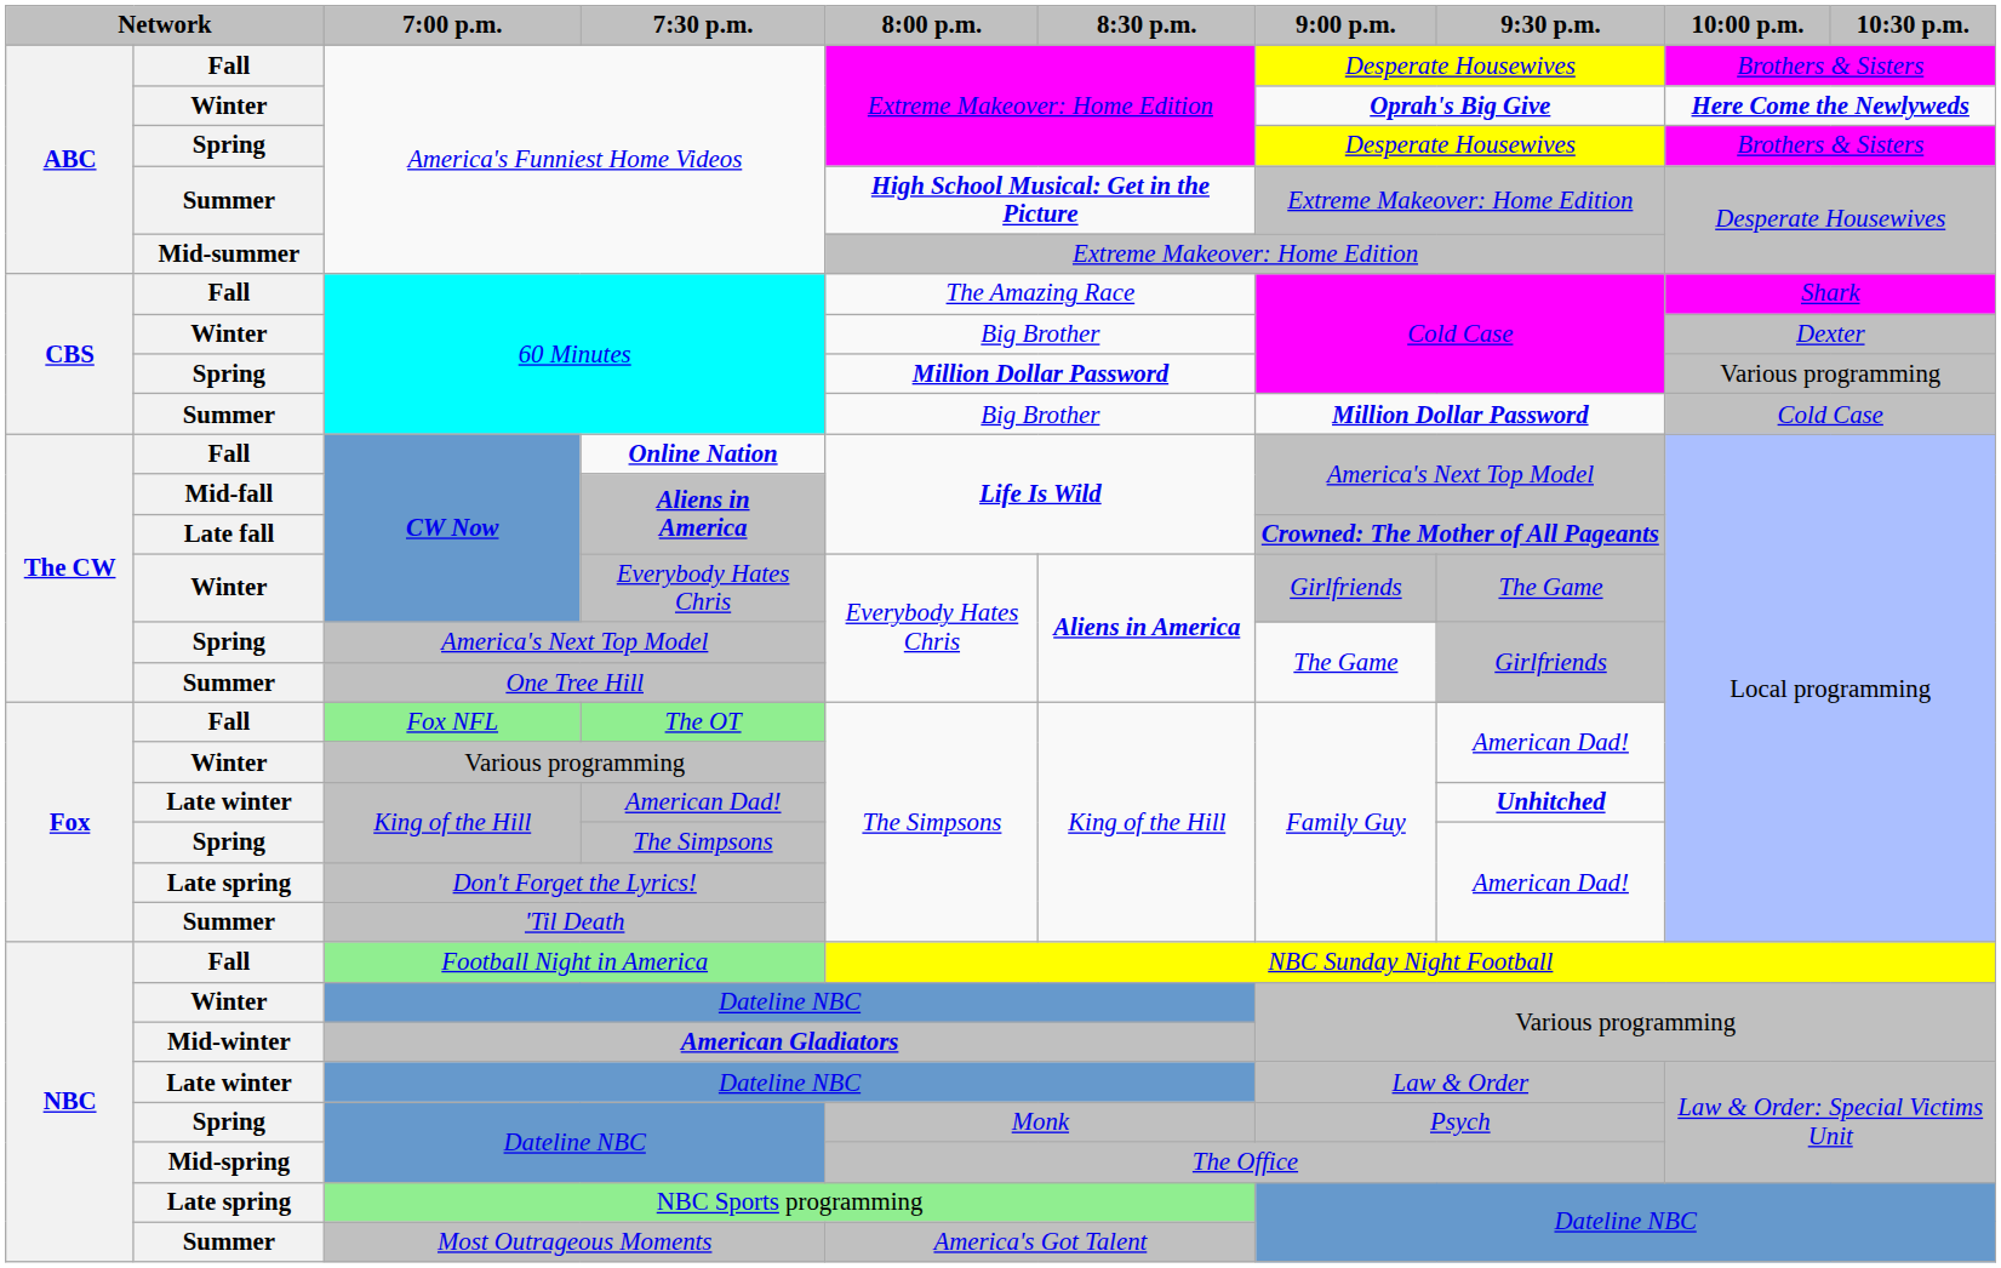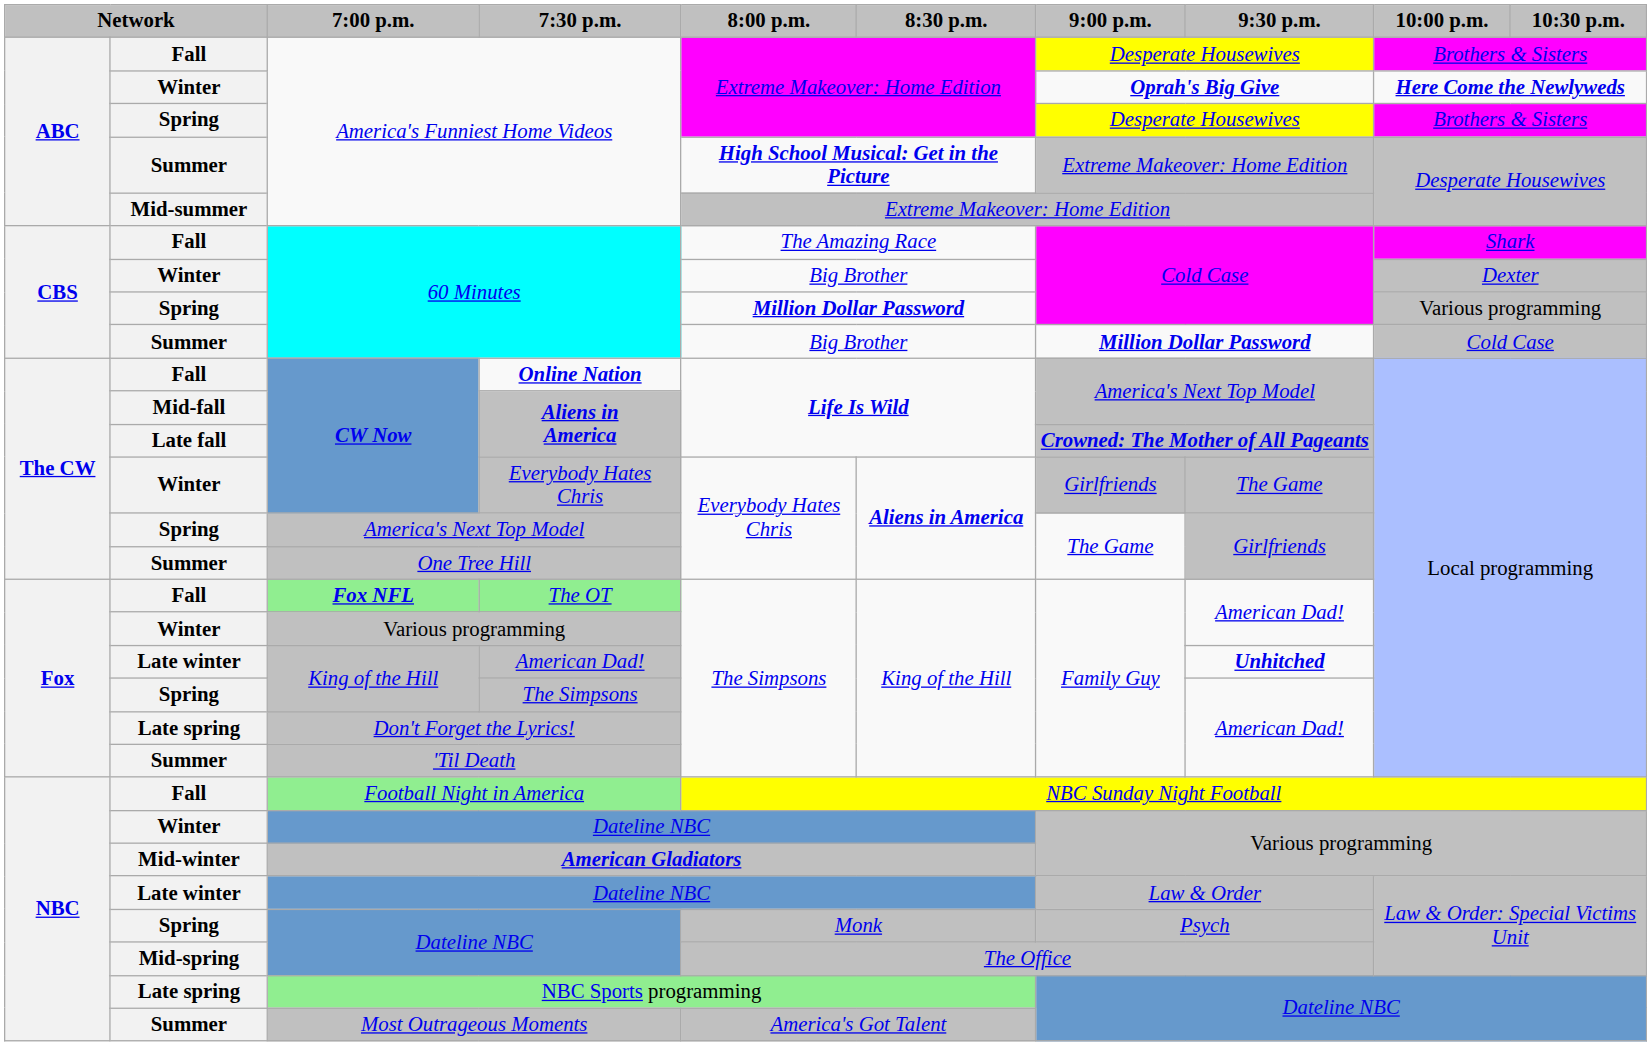 <table class="wikitable" style="width:100%;margin-right:0;text-align:center">
 <tr>
 <th colspan="2" style="background-color:#C0C0C0;text-align:center;width:16%">Network</th>
 <th style="background-color:#C0C0C0;text-align:center;width:12.9%">7:00 p.m.</th>
 <th style="background-color:#C0C0C0;text-align:center;width:12.3%">7:30 p.m.</th>
 <th style="background-color:#C0C0C0;text-align:center;width:10.7%">8:00 p.m.</th>
 <th style="background-color:#C0C0C0;text-align:center;width:10.9%">8:30 p.m.</th>
 <th style="background-color:#C0C0C0;text-align:center;width:9.1%">9:00 p.m.</th>
 <th style="background-color:#C0C0C0;text-align:center;width:11.5%">9:30 p.m.</th>
 <th style="background-color:#C0C0C0;text-align:center">10:00 p.m.</th>
 <th style="background-color:#C0C0C0;text-align:center">10:30 p.m.</th>
 </tr>
 <tr>
 <th rowspan="5"><a href='#'>ABC</a></th>
 <th>Fall</th>
 <td rowspan="5" colspan="2"><em><a href='#'>America's Funniest Home Videos</a></em></td>
 <td rowspan="3" style="background:#FF00FF;" colspan="2"><em><a href='#'>Extreme Makeover: Home Edition</a></em> </td>
 <td style="background:#FFFF00;" colspan="2"><em><a href='#'>Desperate Housewives</a></em> </td>
 <td style="background:#FF00FF;" colspan="2"><em><a href='#'>Brothers & Sisters</a></em> </td>
 </tr>
 <tr>
 <th>Winter</th>
 <td colspan="2"><strong><em><a href='#'>Oprah's Big Give</a></em></strong></td>
 <td colspan="2"><strong><em><a href='#'>Here Come the Newlyweds</a></em></strong></td>
 </tr>
 <tr>
 <th>Spring</th>
 <td style="background:#FFFF00;" colspan="2"><em><a href='#'>Desperate Housewives</a></em> </td>
 <td style="background:#FF00FF;" colspan="2"><em><a href='#'>Brothers & Sisters</a></em> </td>
 </tr>
 <tr>
 <th>Summer</th>
 <td colspan="2"><strong><em><a href='#'>High School Musical: Get in the Picture</a></em></strong></td>
 <td colspan="2" style="background:#C0C0C0;"><em><a href='#'>Extreme Makeover: Home Edition</a></em> </td>
 <td colspan="2" rowspan="2" style="background:#C0C0C0;"><em><a href='#'>Desperate Housewives</a></em> </td>
 </tr>
 <tr>
 <th>Mid-summer</th>
 <td colspan="4" style="background:#C0C0C0;"><em><a href='#'>Extreme Makeover: Home Edition</a></em> </td>
 </tr>
 <tr>
 <th rowspan="4"><a href='#'>CBS</a></th>
 <th>Fall</th>
 <td style="background:#00FFFF;" colspan="2" rowspan="4"><em><a href='#'>60 Minutes</a></em> </td>
 <td colspan="2"><em><a href='#'>The Amazing Race</a></em></td>
 <td style="background:#FF00FF;" colspan="2" rowspan="3"><em><a href='#'>Cold Case</a></em> </td>
 <td style="background:#FF00FF;" colspan="2"><em><a href='#'>Shark</a></em> </td>
 </tr>
 <tr>
 <th>Winter</th>
 <td colspan="2"><em><a href='#'>Big Brother</a></em></td>
 <td colspan="2" style="background:#C0C0C0;"><em><a href='#'>Dexter</a></em> </td>
 </tr>
 <tr>
 <th>Spring</th>
 <td colspan="2"><strong><em><a href='#'>Million Dollar Password</a></em></strong></td>
 <td style="background:#C0C0C0;"  colspan="2">Various programming</td>
 </tr>
 <tr>
 <th>Summer</th>
 <td colspan="2"><em><a href='#'>Big Brother</a></em></td>
 <td colspan="2"><strong><em><a href='#'>Million Dollar Password</a></em></strong></td>
 <td style="background:#C0C0C0;" colspan="2"><em><a href='#'>Cold Case</a></em> </td>
 </tr>
 <tr>
 <th rowspan="6"><a href='#'>The CW</a></th>
 <th>Fall</th>
 <td style="background:#6699CC;" rowspan="4"><strong><em><a href='#'>CW Now</a></em></strong></td>
 <td><strong><em><a href='#'>Online Nation</a></em></strong></td>
 <td colspan="2" rowspan="3"><strong><em><a href='#'>Life Is Wild</a></em></strong></td>
 <td colspan="2" rowspan="2" style="background:#C0C0C0;" style="background:#C0C0C0;"><em><a href='#'>America's Next Top Model</a></em> </td>
 <td style="background:#abbfff;" colspan="2" rowspan="12">Local programming</td>
 </tr>
 <tr>
 <th>Mid-fall</th>
 <td rowspan="2" style="background:#C0C0C0;"><strong><em><a href='#'>Aliens in<br>America</a></em></strong> </td>
 </tr>
 <tr>
 <th>Late fall</th>
 <td colspan="2" style="background:#C0C0C0;"><strong><em><a href='#'>Crowned: The Mother of All Pageants</a></em></strong> </td>
 </tr>
 <tr>
 <th>Winter</th>
 <td style="background:#C0C0C0;"><em><a href='#'>Everybody Hates Chris</a></em> </td>
 <td rowspan="3"><em><a href='#'>Everybody Hates Chris</a></em></td>
 <td rowspan="3"><strong><em><a href='#'>Aliens in America</a></em></strong></td>
 <td style="background:#C0C0C0;"><em><a href='#'>Girlfriends</a></em> </td>
 <td style="background:#C0C0C0;"><em><a href='#'>The Game</a></em> </td>
 </tr>
 <tr>
 <th>Spring</th>
 <td colspan="2" style="background:#C0C0C0;"><em><a href='#'>America's Next Top Model</a></em> </td>
 <td rowspan="2"><em><a href='#'>The Game</a></em></td>
 <td rowspan="2" style="background:#C0C0C0;"><em><a href='#'>Girlfriends</a></em> </td>
 </tr>
 <tr>
 <th>Summer</th>
 <td colspan="2" style="background:#C0C0C0;"><em><a href='#'>One Tree Hill</a></em> </td>
 </tr>
 <tr>
 <th rowspan="6"><a href='#'>Fox</a></th>
 <th>Fall</th>
-<td style="background:lightgreen"><em><a href='#'>Fox NFL</a></em> </td>
+<td style="background:lightgreen"><strong><em><a href='#'>Fox NFL</a></em> </strong></td>
 <td style="background:lightgreen"><em><a href='#'>The OT</a></em></td>
 <td rowspan="6"><em><a href='#'>The Simpsons</a></em></td>
 <td rowspan="6"><em><a href='#'>King of the Hill</a></em></td>
 <td rowspan="6"><em><a href='#'>Family Guy</a></em></td>
 <td rowspan="2"><em><a href='#'>American Dad!</a></em></td>
 </tr>
 <tr>
 <th>Winter</th>
 <td style="background:#C0C0C0;" colspan="2">Various programming</td>
 </tr>
 <tr>
 <th>Late winter</th>
 <td rowspan="2" style="background:#C0C0C0;"><em><a href='#'>King of the Hill</a></em> </td>
 <td style="background:#C0C0C0;"><em><a href='#'>American Dad!</a></em> </td>
 <td><strong><em><a href='#'>Unhitched</a></em></strong></td>
 </tr>
 <tr>
 <th>Spring</th>
 <td style="background:#C0C0C0;"><em><a href='#'>The Simpsons</a></em> </td>
 <td rowspan="3"><em><a href='#'>American Dad!</a></em></td>
 </tr>
 <tr>
 <th>Late spring</th>
 <td colspan="2" style="background:#C0C0C0;"><em><a href='#'>Don't Forget the Lyrics!</a></em> </td>
 </tr>
 <tr>
 <th>Summer</th>
 <td style="background:#C0C0C0;" colspan="2"><em><a href='#'>'Til Death</a></em> </td>
 </tr>
 <tr>
 <th rowspan="8"><a href='#'>NBC</a></th>
 <th>Fall</th>
 <td colspan="2" style="background:lightgreen;"><em><a href='#'>Football Night in America</a></em></td>
 <td colspan="6" style="background:yellow;"><em><a href='#'>NBC Sunday Night Football</a></em>  </td>
 </tr>
 <tr>
 <th>Winter</th>
 <td style="background:#6699CC;" colspan="4"><em><a href='#'>Dateline NBC</a></em></td>
 <td colspan="4" rowspan="2" style="background:#C0C0C0;">Various programming</td>
 </tr>
 <tr>
 <th>Mid-winter</th>
 <td colspan="4" style="background:#C0C0C0;"><strong><em><a href='#'>American Gladiators</a></em></strong> </td>
 </tr>
 <tr>
 <th>Late winter</th>
 <td style="background:#6699CC;" colspan="4"><em><a href='#'>Dateline NBC</a></em></td>
 <td colspan="2" style="background:#C0C0C0;"><em><a href='#'>Law & Order</a></em> </td>
 <td colspan="2" rowspan="3" style="background:#C0C0C0;"><em><a href='#'>Law & Order: Special Victims Unit</a></em> </td>
 </tr>
 <tr>
 <th>Spring</th>
 <td style="background:#6699CC;" colspan="2" rowspan="2"><em><a href='#'>Dateline NBC</a></em></td>
 <td colspan="2" style="background:#C0C0C0;"><em><a href='#'>Monk</a></em> </td>
 <td colspan="2" style="background:#C0C0C0;"><em><a href='#'>Psych</a></em> </td>
 </tr>
 <tr>
 <th>Mid-spring</th>
 <td style="background:#C0C0C0;" colspan="4"><em><a href='#'>The Office</a></em> </td>
 </tr>
 <tr>
 <th>Late spring</th>
 <td colspan="4" style="background:lightgreen;"><a href='#'>NBC Sports</a> programming</td>
 <td colspan="4" rowspan="2" style="background:#6699CC;"><em><a href='#'>Dateline NBC</a></em></td>
 </tr>
 <tr>
 <th>Summer</th>
 <td colspan="2" style="background:#C0C0C0;"><em><a href='#'>Most Outrageous Moments</a></em> </td>
 <td colspan="2" style="background:#C0C0C0;"><em><a href='#'>America's Got Talent</a></em> </td>
 </tr>
 </table>
